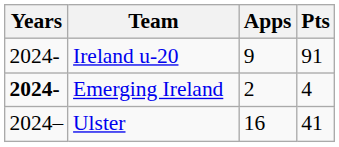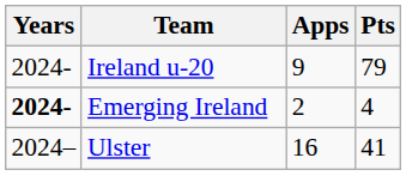 <table class="wikitable" style="text-align:left;">
 <tr>
 <th>Years</th>
 <th width=120px>Team</th>
 <th>Apps</th>
 <th>Pts</th>
 </tr>
 <tr>
 <td>2024-</td>
 <td><a href='#'>Ireland u-20</a></td>
 <td>9</td>
-<td>91</td>
+<td>79</td>
 </tr>
 <tr>
 <td><strong>2024-</strong></td>
 <td><a href='#'>Emerging Ireland</a></td>
 <td>2</td>
 <td>4</td>
 </tr>
 <tr>
 <td>2024–</td>
 <td><a href='#'>Ulster</a></td>
 <td>16</td>
 <td>41</td>
 </tr>
 </table>
